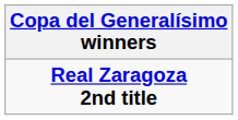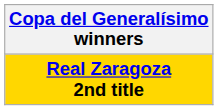 <table class="wikitable" style="text-align: center; margin: 0 auto;">
 <tr>
 <th><a href='#'>Copa del Generalísimo</a><br>winners</th>
 </tr>
 <tr>
-<td><strong><a href='#'>Real Zaragoza</a></strong><br><strong>2nd title</strong></td>
+<td style="background: gold;"><strong><a href='#'>Real Zaragoza</a></strong><br><strong>2nd title</strong></td>
 </tr>
 </table>
